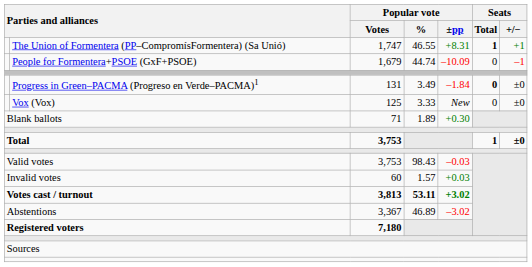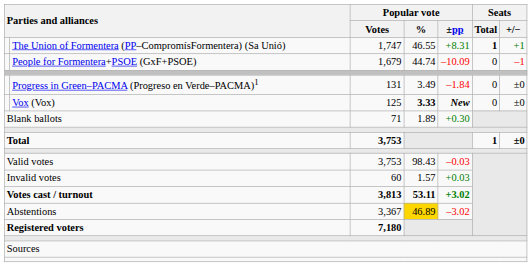 <table class="wikitable" style="text-align:right;">
 <tr>
 <th style="text-align:left;" rowspan="2" colspan="2" width="525">Parties and alliances</th>
 <th colspan="3">Popular vote</th>
 <th colspan="2">Seats</th>
 </tr>
 <tr>
 <th width="75">Votes</th>
 <th width="45">%</th>
 <th width="45">±<a href='#'>pp</a></th>
 <th width="35">Total</th>
 <th width="35">+/−</th>
 </tr>
 <tr>
 <td width="1" style="color:inherit;background:"></td>
 <td align="left"><a href='#'>The Union of Formentera</a> (<a href='#'>PP</a>–CompromísFormentera) (Sa Unió)</td>
 <td>1,747</td>
 <td>46.55</td>
 <td style="color:green;">+8.31</td>
 <td><strong>1</strong></td>
 <td style="color:green;">+1</td>
 </tr>
 <tr>
 <td style="color:inherit;background:"></td>
 <td align="left"><a href='#'>People for Formentera</a>+<a href='#'>PSOE</a> (GxF+PSOE)</td>
 <td>1,679</td>
 <td>44.74</td>
 <td style="color:red;">–10.09</td>
 <td>0</td>
 <td style="color:red;">–1</td>
 </tr>
 <tr>
 <td colspan="7" bgcolor="#C0C0C0"></td>
 </tr>
 <tr>
 <td style="color:inherit;background:"></td>
 <td align="left"><a href='#'>Progress in Green–PACMA</a> (Progreso en Verde–PACMA)<sup>1</sup></td>
 <td>131</td>
 <td>3.49</td>
 <td style="color:red;">–1.84</td>
-<td><strong>0</strong></td>
+<td>0</td>
 <td>±0</td>
 </tr>
 <tr>
 <td style="color:inherit;background:"></td>
 <td align="left"><a href='#'>Vox</a> (Vox)</td>
 <td>125</td>
-<td>3.33</td>
-<td><em>New</em></td>
+<td><strong>3.33</strong></td>
+<td><strong><em>New</em></strong></td>
 <td>0</td>
 <td>±0</td>
 </tr>
 <tr>
 <td align="left" colspan="2">Blank ballots</td>
 <td>71</td>
 <td>1.89</td>
 <td style="color:green;">+0.30</td>
 <td bgcolor="#E9E9E9" colspan="2"></td>
 </tr>
 <tr>
 <td colspan="7" bgcolor="#E9E9E9"></td>
 </tr>
 <tr style="font-weight:bold;">
 <td align="left" colspan="2">Total</td>
 <td>3,753</td>
 <td bgcolor="#E9E9E9" colspan="2"></td>
 <td>1</td>
 <td>±0</td>
 </tr>
 <tr>
 <td colspan="7" bgcolor="#E9E9E9"></td>
 </tr>
 <tr>
 <td align="left" colspan="2">Valid votes</td>
 <td>3,753</td>
 <td>98.43</td>
 <td style="color:red;">–0.03</td>
 <td bgcolor="#E9E9E9" colspan="2" rowspan="5"></td>
 </tr>
 <tr>
 <td align="left" colspan="2">Invalid votes</td>
 <td>60</td>
 <td>1.57</td>
 <td style="color:green;">+0.03</td>
 </tr>
 <tr style="font-weight:bold;">
 <td align="left" colspan="2">Votes cast / turnout</td>
 <td>3,813</td>
 <td>53.11</td>
 <td style="color:green;">+3.02</td>
 </tr>
 <tr>
 <td align="left" colspan="2">Abstentions</td>
 <td>3,367</td>
-<td>46.89</td>
+<td style="background: gold;">46.89</td>
 <td style="color:red;">–3.02</td>
 </tr>
 <tr style="font-weight:bold;">
 <td align="left" colspan="2">Registered voters</td>
 <td>7,180</td>
 <td bgcolor="#E9E9E9" colspan="2"></td>
 </tr>
 <tr>
 <td colspan="7" bgcolor="#E9E9E9"></td>
 </tr>
 <tr>
 <td align="left" colspan="7">Sources</td>
 </tr>
 <tr>
 <td colspan="7" style="text-align:left; max-width:790px;"></td>
 </tr>
 </table>
